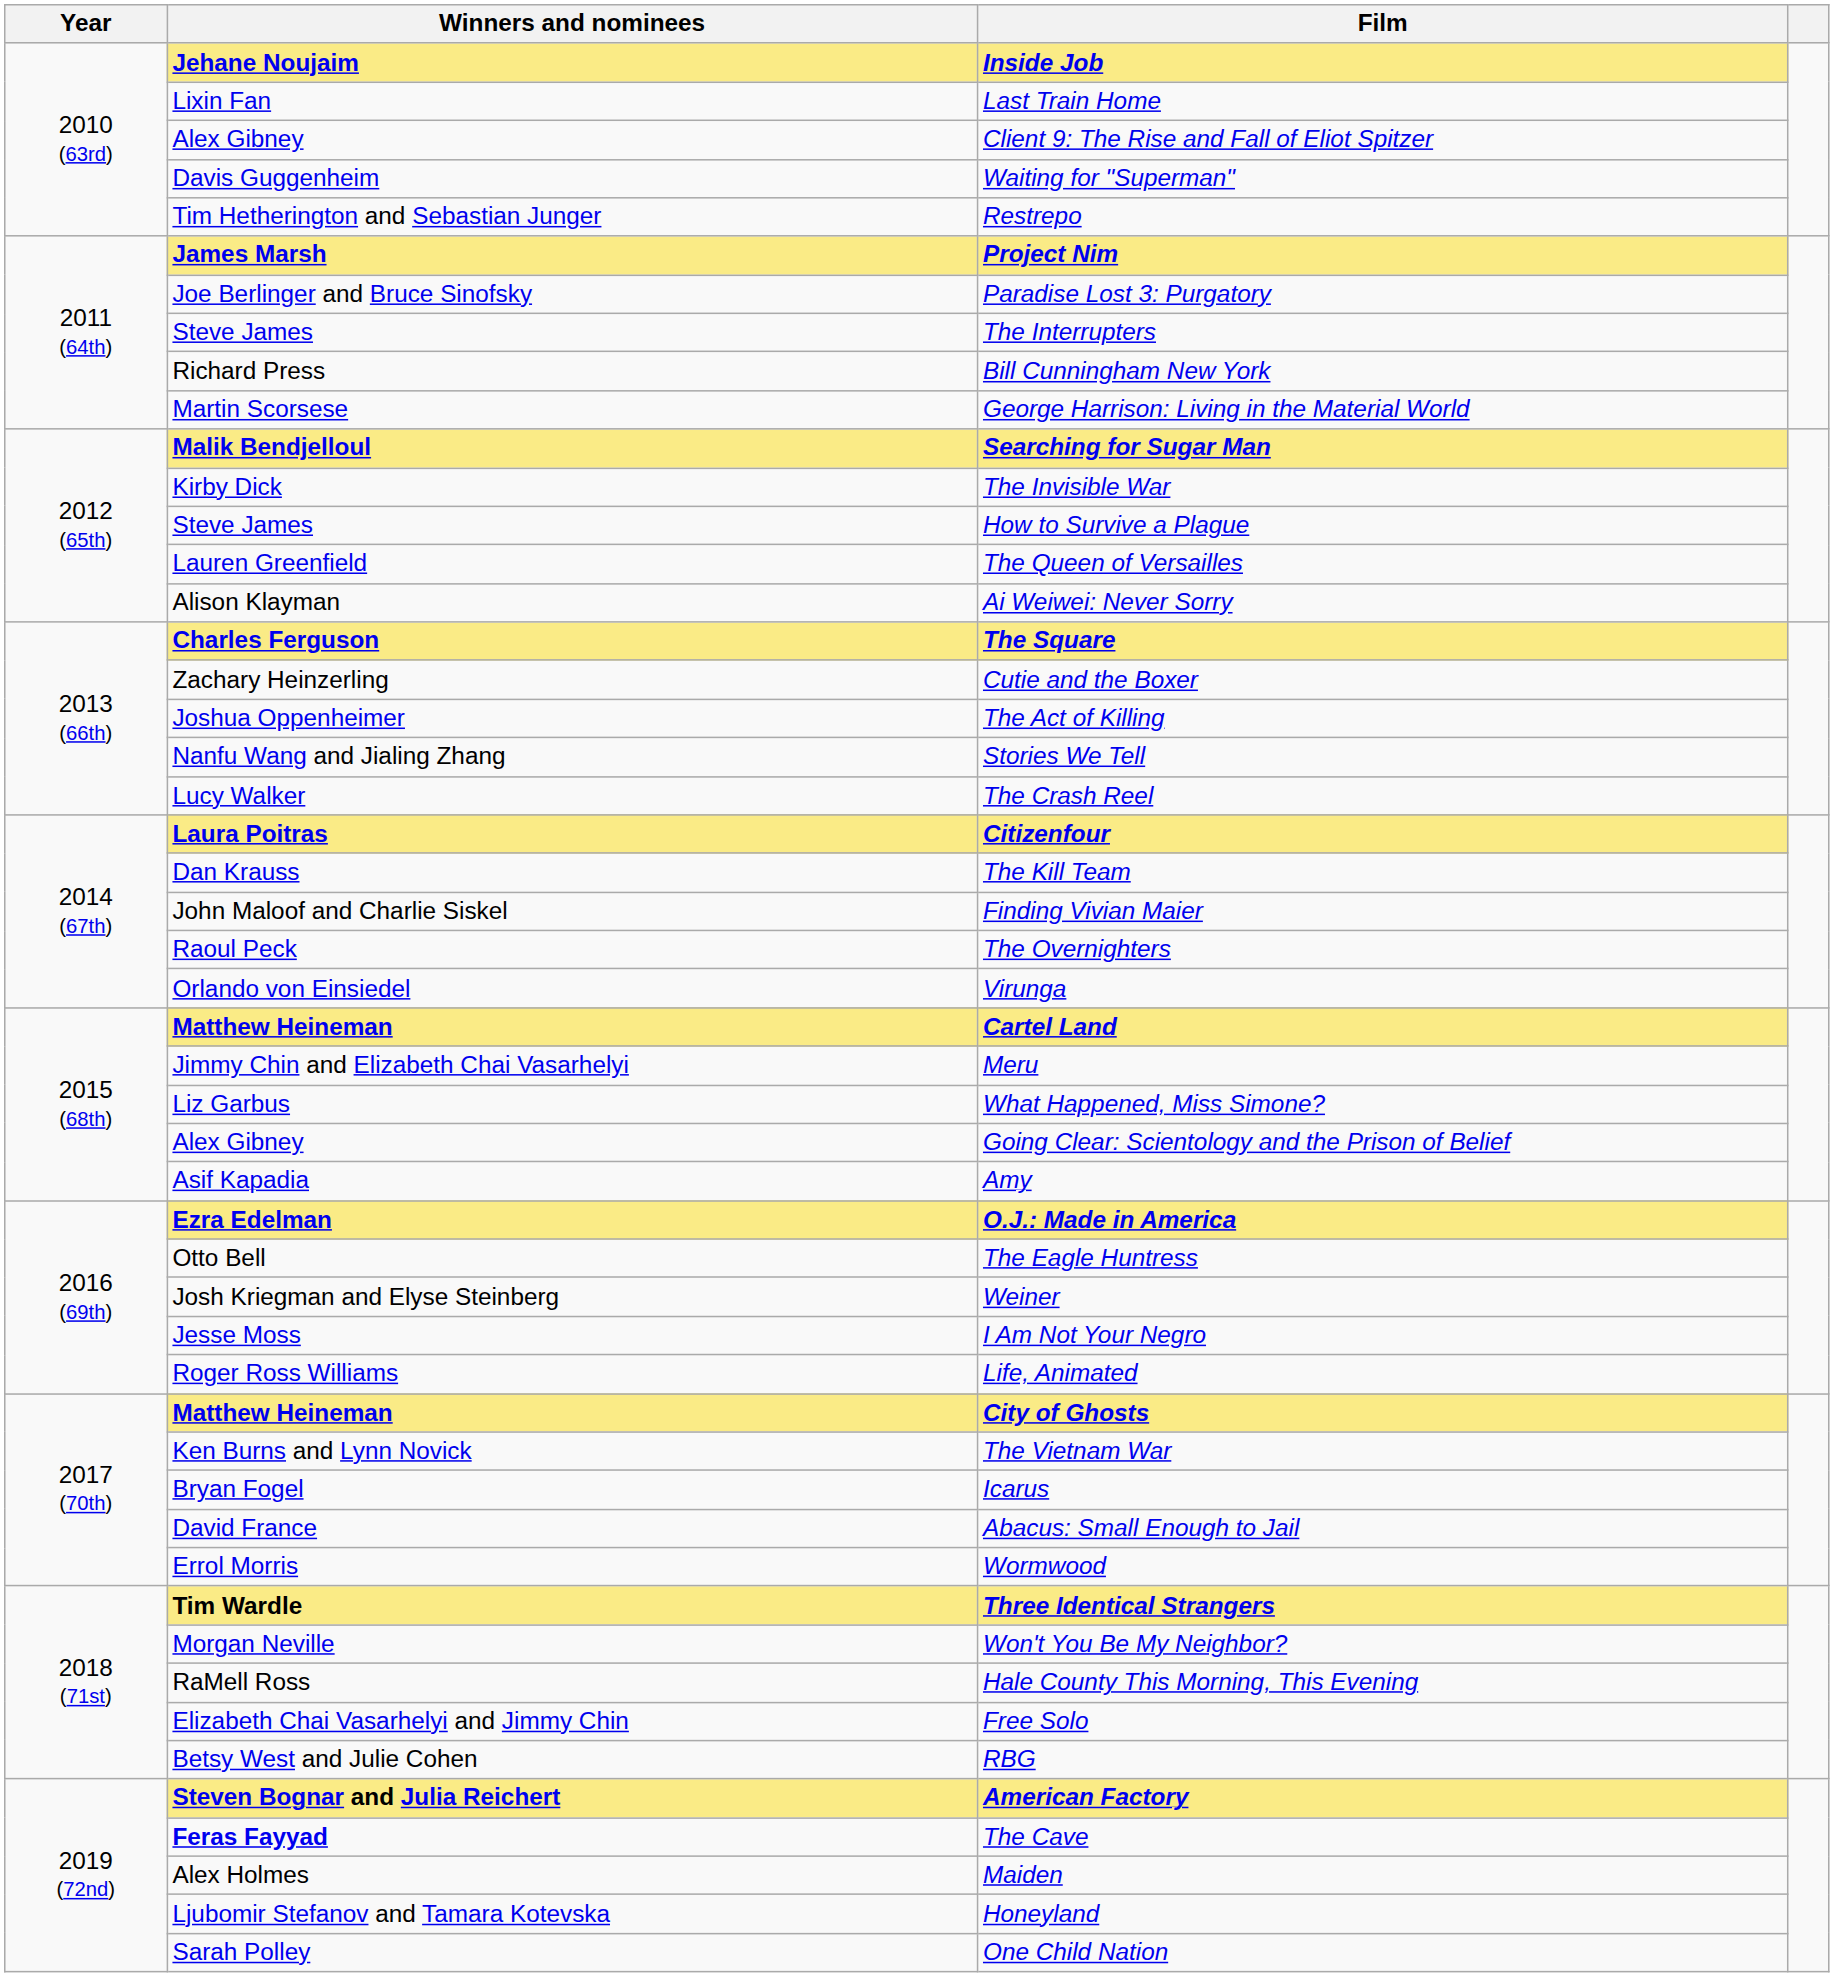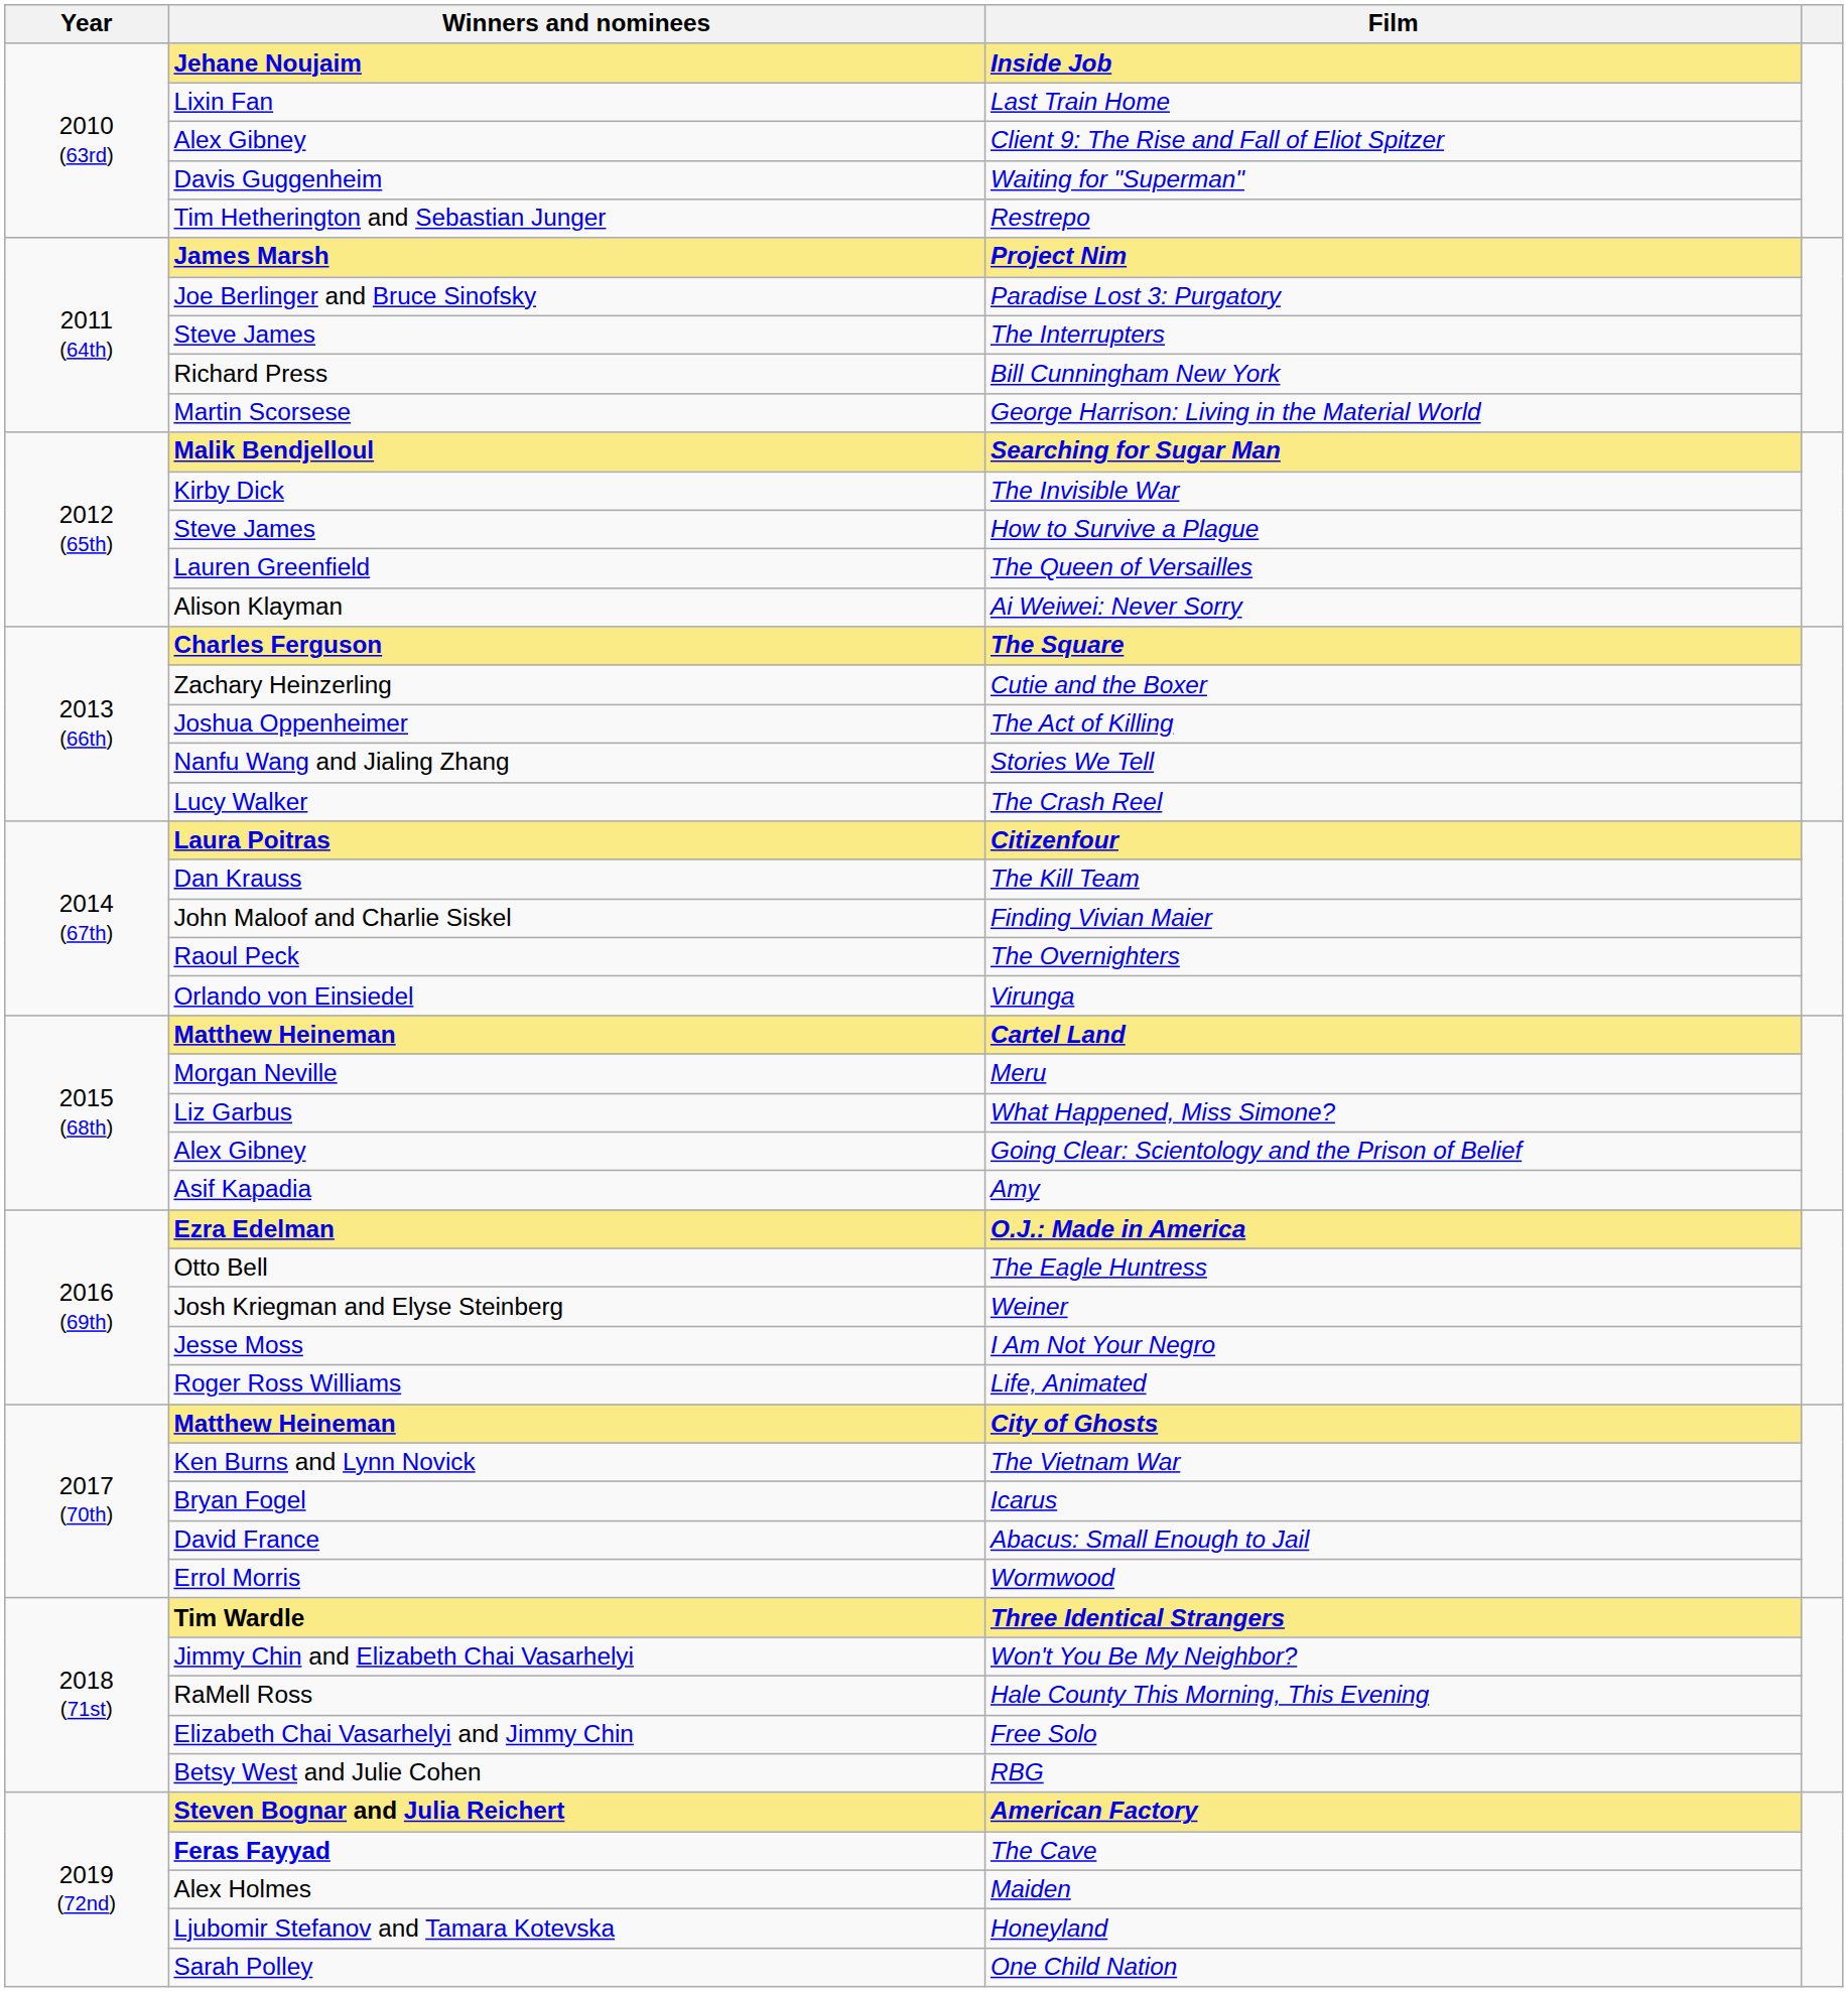 <table class="wikitable" width="95%" cellpadding="5">
 <tr>
 <th width="8%">Year</th>
 <th width="40%">Winners and nominees</th>
 <th width="40%">Film</th>
 <th width="2%"></th>
 </tr>
 <tr>
 <td rowspan="5" style="text-align:center;">2010<br><small>(<a href='#'>63rd</a>)</small></td>
 <td style="background:#FAEB86;"><strong><a href='#'>Jehane Noujaim</a></strong></td>
 <td style="background:#FAEB86;"><strong><em><a href='#'>Inside Job</a></em></strong></td>
 <td rowspan="5" style="text-align:center;"></td>
 </tr>
 <tr>
 <td><a href='#'>Lixin Fan</a></td>
 <td><em><a href='#'>Last Train Home</a></em></td>
 </tr>
 <tr>
 <td><a href='#'>Alex Gibney</a></td>
 <td><em><a href='#'>Client 9: The Rise and Fall of Eliot Spitzer</a></em></td>
 </tr>
 <tr>
 <td><a href='#'>Davis Guggenheim</a></td>
 <td><em><a href='#'>Waiting for "Superman"</a></em></td>
 </tr>
 <tr>
 <td><a href='#'>Tim Hetherington</a> and <a href='#'>Sebastian Junger</a></td>
 <td><em><a href='#'>Restrepo</a></em></td>
 </tr>
 <tr>
 <td rowspan="5" style="text-align:center;">2011<br><small>(<a href='#'>64th</a>)</small></td>
 <td style="background:#FAEB86;"><strong><a href='#'>James Marsh</a></strong></td>
 <td style="background:#FAEB86;"><strong><em><a href='#'>Project Nim</a></em></strong></td>
 <td rowspan="5" style="text-align:center;"></td>
 </tr>
 <tr>
 <td><a href='#'>Joe Berlinger</a> and <a href='#'>Bruce Sinofsky</a></td>
 <td><em><a href='#'>Paradise Lost 3: Purgatory</a></em></td>
 </tr>
 <tr>
 <td><a href='#'>Steve James</a></td>
 <td><em><a href='#'>The Interrupters</a></em></td>
 </tr>
 <tr>
 <td>Richard Press</td>
 <td><em><a href='#'>Bill Cunningham New York</a></em></td>
 </tr>
 <tr>
 <td><a href='#'>Martin Scorsese</a></td>
 <td><em><a href='#'>George Harrison: Living in the Material World</a></em></td>
 </tr>
 <tr>
 <td rowspan="5" style="text-align:center;">2012<br><small>(<a href='#'>65th</a>)</small></td>
 <td style="background:#FAEB86;"><strong><a href='#'>Malik Bendjelloul</a></strong></td>
 <td style="background:#FAEB86;"><strong><em><a href='#'>Searching for Sugar Man</a></em></strong></td>
 <td rowspan="5" style="text-align:center;"></td>
 </tr>
 <tr>
 <td><a href='#'>Kirby Dick</a></td>
 <td><em><a href='#'>The Invisible War</a></em></td>
 </tr>
 <tr>
 <td><a href='#'>Steve James</a></td>
 <td><em><a href='#'>How to Survive a Plague</a></em></td>
 </tr>
 <tr>
 <td><a href='#'>Lauren Greenfield</a></td>
 <td><em><a href='#'>The Queen of Versailles</a></em></td>
 </tr>
 <tr>
 <td>Alison Klayman</td>
 <td><em><a href='#'>Ai Weiwei: Never Sorry</a></em></td>
 </tr>
 <tr>
 <td rowspan="5" style="text-align:center;">2013<br><small>(<a href='#'>66th</a>)</small></td>
 <td style="background:#FAEB86;"><strong><a href='#'>Charles Ferguson</a></strong></td>
 <td style="background:#FAEB86;"><strong><em><a href='#'>The Square</a></em></strong></td>
 <td rowspan="5" style="text-align:center;"></td>
 </tr>
 <tr>
 <td>Zachary Heinzerling</td>
 <td><em><a href='#'>Cutie and the Boxer</a></em></td>
 </tr>
 <tr>
 <td><a href='#'>Joshua Oppenheimer</a></td>
 <td><em><a href='#'>The Act of Killing</a></em></td>
 </tr>
 <tr>
 <td><a href='#'>Nanfu Wang</a> and Jialing Zhang</td>
 <td><em><a href='#'>Stories We Tell</a></em></td>
 </tr>
 <tr>
 <td><a href='#'>Lucy Walker</a></td>
 <td><em><a href='#'>The Crash Reel</a></em></td>
 </tr>
 <tr>
 <td rowspan="5" style="text-align:center;">2014<br><small>(<a href='#'>67th</a>)</small></td>
 <td style="background:#FAEB86;"><strong><a href='#'>Laura Poitras</a></strong></td>
 <td style="background:#FAEB86;"><strong><em><a href='#'>Citizenfour</a></em></strong></td>
 <td rowspan="5" style="text-align:center;"></td>
 </tr>
 <tr>
 <td><a href='#'>Dan Krauss</a></td>
 <td><em><a href='#'>The Kill Team</a></em></td>
 </tr>
 <tr>
 <td>John Maloof and Charlie Siskel</td>
 <td><em><a href='#'>Finding Vivian Maier</a></em></td>
 </tr>
 <tr>
 <td><a href='#'>Raoul Peck</a></td>
 <td><em><a href='#'>The Overnighters</a></em></td>
 </tr>
 <tr>
 <td><a href='#'>Orlando von Einsiedel</a></td>
 <td><em><a href='#'>Virunga</a></em></td>
 </tr>
 <tr>
 <td rowspan="5" style="text-align:center;">2015<br><small>(<a href='#'>68th</a>)</small></td>
 <td style="background:#FAEB86;"><strong><a href='#'>Matthew Heineman</a></strong></td>
 <td style="background:#FAEB86;"><strong><em><a href='#'>Cartel Land</a></em></strong></td>
 <td rowspan="5" style="text-align:center;"></td>
 </tr>
 <tr>
-<td><a href='#'>Jimmy Chin</a> and <a href='#'>Elizabeth Chai Vasarhelyi</a></td>
+<td><a href='#'>Morgan Neville</a></td>
 <td><em><a href='#'>Meru</a></em></td>
 </tr>
 <tr>
 <td><a href='#'>Liz Garbus</a></td>
 <td><em><a href='#'>What Happened, Miss Simone?</a></em></td>
 </tr>
 <tr>
 <td><a href='#'>Alex Gibney</a></td>
 <td><em><a href='#'>Going Clear: Scientology and the Prison of Belief</a></em></td>
 </tr>
 <tr>
 <td><a href='#'>Asif Kapadia</a></td>
 <td><em><a href='#'>Amy</a></em></td>
 </tr>
 <tr>
 <td rowspan="5" style="text-align:center;">2016<br><small>(<a href='#'>69th</a>)</small></td>
 <td style="background:#FAEB86;"><strong><a href='#'>Ezra Edelman</a></strong></td>
 <td style="background:#FAEB86;"><strong><em><a href='#'>O.J.: Made in America</a></em></strong></td>
 <td rowspan="5" style="text-align:center;"></td>
 </tr>
 <tr>
 <td>Otto Bell</td>
 <td><em><a href='#'>The Eagle Huntress</a></em></td>
 </tr>
 <tr>
 <td>Josh Kriegman and Elyse Steinberg</td>
 <td><em><a href='#'>Weiner</a></em></td>
 </tr>
 <tr>
 <td><a href='#'>Jesse Moss</a></td>
 <td><em><a href='#'>I Am Not Your Negro</a></em></td>
 </tr>
 <tr>
 <td><a href='#'>Roger Ross Williams</a></td>
 <td><em><a href='#'>Life, Animated</a></em></td>
 </tr>
 <tr>
 <td rowspan="5" style="text-align:center;">2017<br><small>(<a href='#'>70th</a>)</small></td>
 <td style="background:#FAEB86;"><strong><a href='#'>Matthew Heineman</a></strong></td>
 <td style="background:#FAEB86;"><strong><em><a href='#'>City of Ghosts</a></em></strong></td>
 <td rowspan="5" style="text-align:center;"></td>
 </tr>
 <tr>
 <td><a href='#'>Ken Burns</a> and <a href='#'>Lynn Novick</a></td>
 <td><em><a href='#'>The Vietnam War</a></em></td>
 </tr>
 <tr>
 <td><a href='#'>Bryan Fogel</a></td>
 <td><em><a href='#'>Icarus</a></em></td>
 </tr>
 <tr>
 <td><a href='#'>David France</a></td>
 <td><em><a href='#'>Abacus: Small Enough to Jail</a></em></td>
 </tr>
 <tr>
 <td><a href='#'>Errol Morris</a></td>
 <td><em><a href='#'>Wormwood</a></em></td>
 </tr>
 <tr>
 <td rowspan="5" style="text-align:center;">2018<br><small>(<a href='#'>71st</a>)</small></td>
 <td style="background:#FAEB86;"><strong>Tim Wardle</strong></td>
 <td style="background:#FAEB86;"><strong><em><a href='#'>Three Identical Strangers</a></em></strong></td>
 <td rowspan="5" style="text-align:center;"></td>
 </tr>
 <tr>
-<td><a href='#'>Morgan Neville</a></td>
+<td><a href='#'>Jimmy Chin</a> and <a href='#'>Elizabeth Chai Vasarhelyi</a></td>
 <td><em><a href='#'>Won't You Be My Neighbor?</a></em></td>
 </tr>
 <tr>
 <td>RaMell Ross</td>
 <td><em><a href='#'>Hale County This Morning, This Evening</a></em></td>
 </tr>
 <tr>
 <td><a href='#'>Elizabeth Chai Vasarhelyi</a> and <a href='#'>Jimmy Chin</a></td>
 <td><em><a href='#'>Free Solo</a></em></td>
 </tr>
 <tr>
 <td><a href='#'>Betsy West</a> and Julie Cohen</td>
 <td><em><a href='#'>RBG</a></em></td>
 </tr>
 <tr>
 <td rowspan="5" style="text-align:center;">2019<br><small>(<a href='#'>72nd</a>)</small></td>
 <td style="background:#FAEB86;"><strong><a href='#'>Steven Bognar</a> and <a href='#'>Julia Reichert</a></strong></td>
 <td style="background:#FAEB86;"><strong><em><a href='#'>American Factory</a></em></strong></td>
 <td rowspan="5" style="text-align:center;"></td>
 </tr>
 <tr>
 <td><strong><a href='#'>Feras Fayyad</a></strong></td>
 <td><em><a href='#'>The Cave</a></em></td>
 </tr>
 <tr>
 <td>Alex Holmes</td>
 <td><em><a href='#'>Maiden</a></em></td>
 </tr>
 <tr>
 <td><a href='#'>Ljubomir Stefanov</a> and <a href='#'>Tamara Kotevska</a></td>
 <td><em><a href='#'>Honeyland</a></em></td>
 </tr>
 <tr>
 <td><a href='#'>Sarah Polley</a></td>
 <td><em><a href='#'>One Child Nation</a></em></td>
 </tr>
 </table>
